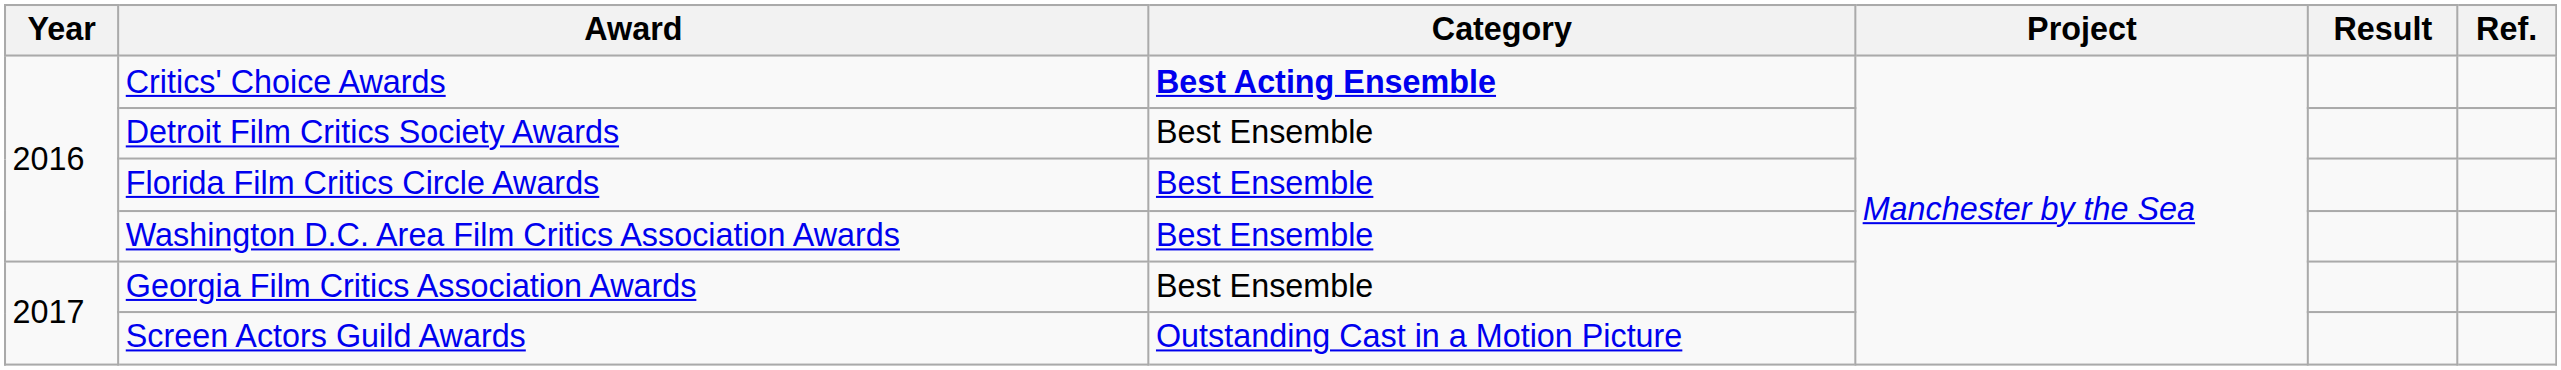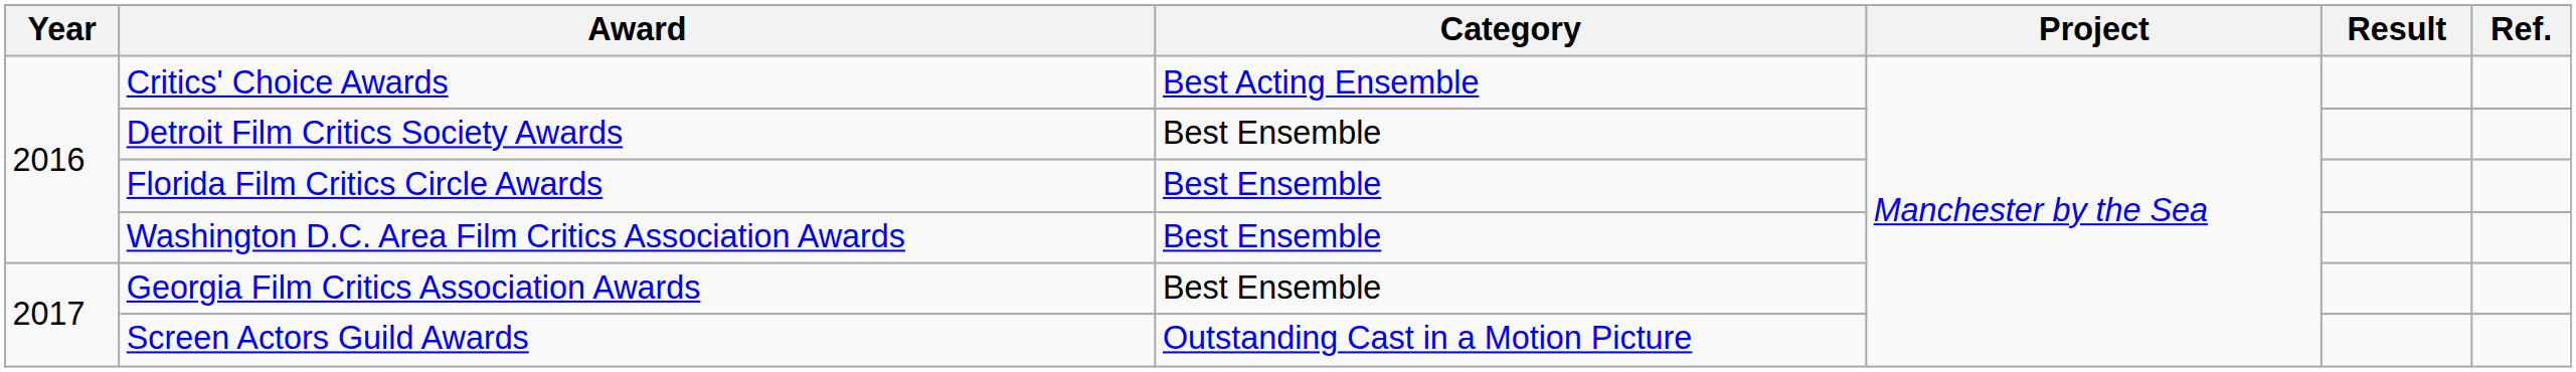 <table class="wikitable" width="100%">
 <tr>
 <th>Year</th>
 <th>Award</th>
 <th>Category</th>
 <th>Project</th>
 <th>Result</th>
 <th>Ref.</th>
 </tr>
 <tr>
 <td rowspan=4>2016</td>
 <td><a href='#'>Critics' Choice Awards</a></td>
-<td><strong><a href='#'>Best Acting Ensemble</a></strong></td>
+<td><a href='#'>Best Acting Ensemble</a></td>
 <td rowspan="6"><em><a href='#'>Manchester by the Sea</a></em></td>
 <td></td>
 <td></td>
 </tr>
 <tr>
 <td><a href='#'>Detroit Film Critics Society Awards</a></td>
 <td>Best Ensemble</td>
 <td></td>
 <td></td>
 </tr>
 <tr>
 <td><a href='#'>Florida Film Critics Circle Awards</a></td>
 <td><a href='#'>Best Ensemble</a></td>
 <td></td>
 <td></td>
 </tr>
 <tr>
 <td><a href='#'>Washington D.C. Area Film Critics Association Awards</a></td>
 <td><a href='#'>Best Ensemble</a></td>
 <td></td>
 <td></td>
 </tr>
 <tr>
 <td rowspan=2>2017</td>
 <td><a href='#'>Georgia Film Critics Association Awards</a></td>
 <td>Best Ensemble</td>
 <td></td>
 <td></td>
 </tr>
 <tr>
 <td><a href='#'>Screen Actors Guild Awards</a></td>
 <td><a href='#'>Outstanding Cast in a Motion Picture</a></td>
 <td></td>
 <td></td>
 </tr>
 </table>
